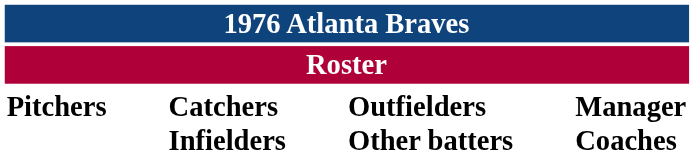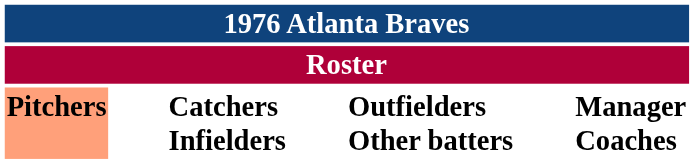 <table class="toccolours" style="font-size: 95%;">
 <tr>
 <th colspan="10" style="background-color: #0f437c; color: white; text-align: center;">1976 Atlanta Braves</th>
 </tr>
 <tr>
 <td colspan="10" style="background-color: #af0039; color: white; text-align: center;"><strong>Roster</strong></td>
 </tr>
 <tr>
-<td valign="top"><strong>Pitchers</strong><br>                 </td>
+<td valign="top" style="background: lightsalmon;"><strong>Pitchers</strong><br>                 </td>
 <td width="25px"></td>
 <td valign="top"><strong>Catchers</strong><br>     <strong>Infielders</strong>            </td>
 <td width="25px"></td>
 <td valign="top"><strong>Outfielders</strong><br>       <strong>Other batters</strong> </td>
 <td width="25px"></td>
 <td valign="top"><strong>Manager</strong><br> <strong>Coaches</strong>    </td>
 </tr>
 </table>
